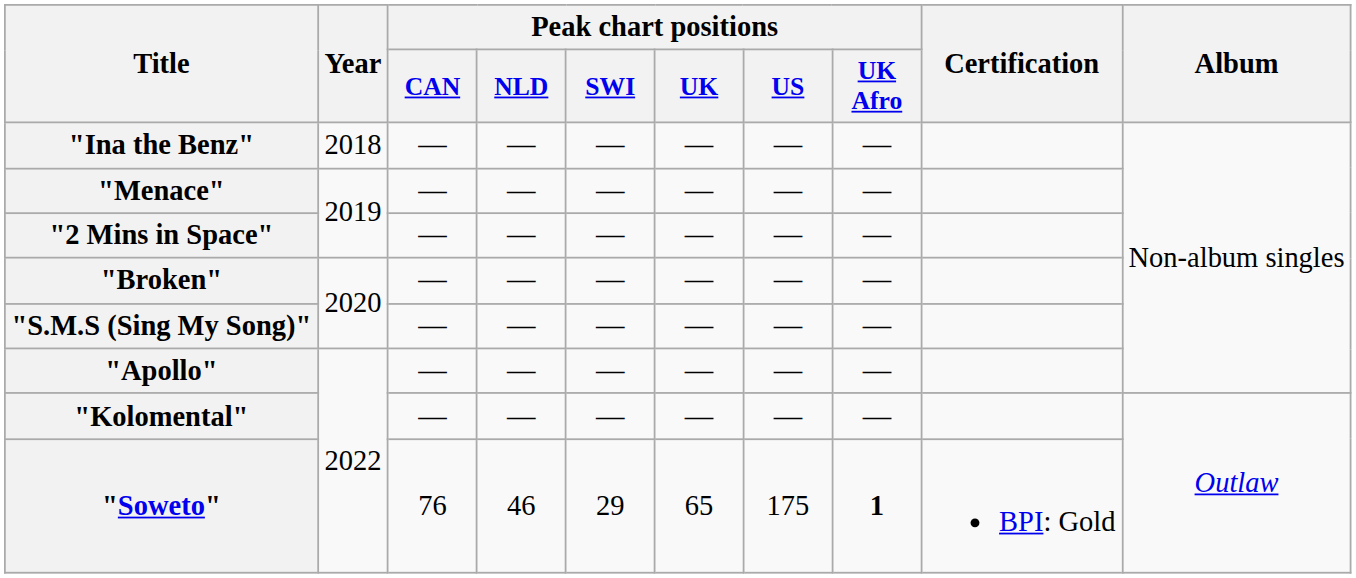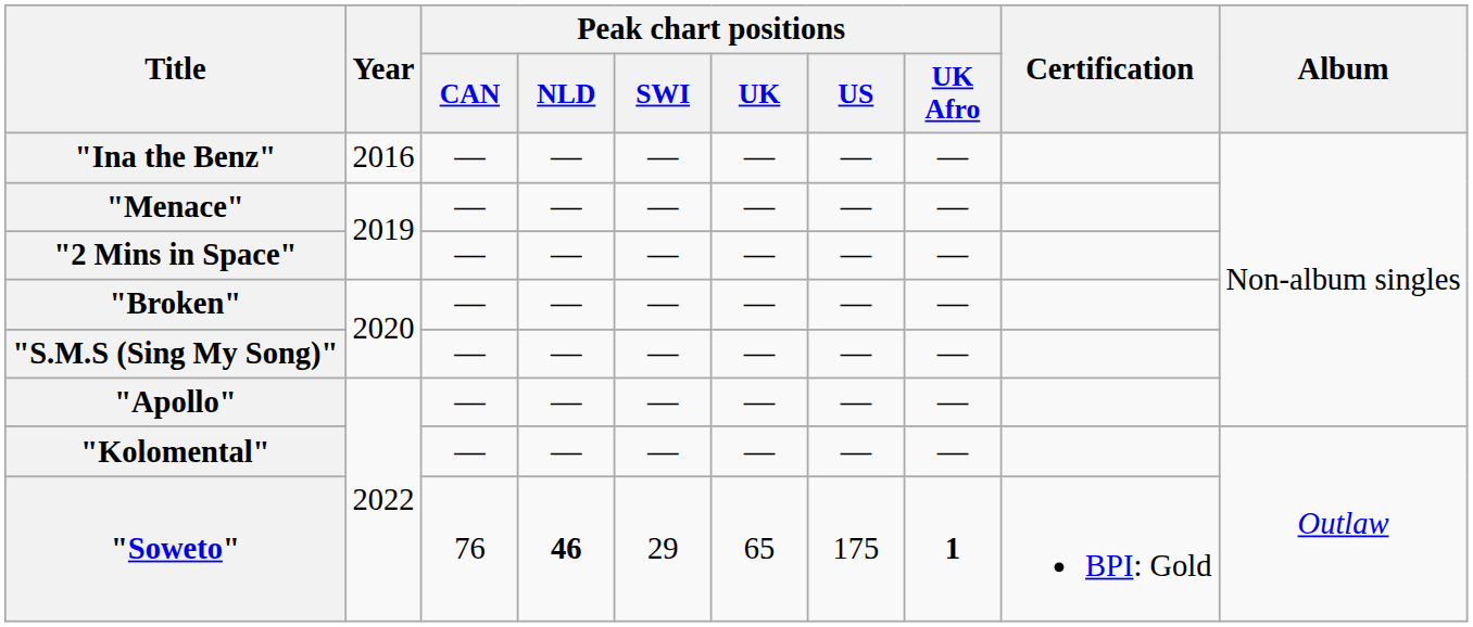 <table class="wikitable plainrowheaders" style="text-align:center">
 <tr>
 <th scope="col" rowspan="2">Title</th>
 <th scope="col" rowspan="2">Year</th>
 <th colspan="6" scope="col">Peak chart positions</th>
 <th rowspan="2" scope="col">Certification</th>
 <th rowspan="2" scope="col">Album</th>
 </tr>
 <tr>
 <th scope="col" style="width:3em;font-size:90%;"><a href='#'>CAN</a><br></th>
 <th scope="col" style="width:3em;font-size:90%;"><a href='#'>NLD</a><br></th>
 <th scope="col" style="width:3em;font-size:90%;"><a href='#'>SWI</a><br></th>
 <th scope="col" style="width:3em;font-size:90%;"><a href='#'>UK</a><br></th>
 <th scope="col" style="width:3em;font-size:90%;"><a href='#'>US</a><br></th>
 <th scope="col" style="width:3em;font-size:90%;"><a href='#'>UK Afro</a><br></th>
 </tr>
 <tr>
 <th scope="row">"Ina the Benz"</th>
-<td>2018</td>
+<td>2016</td>
 <td>—</td>
 <td>—</td>
 <td>—</td>
 <td>—</td>
 <td>—</td>
 <td>—</td>
 <td></td>
 <td rowspan="6">Non-album singles</td>
 </tr>
 <tr>
 <th scope="row">"Menace"</th>
 <td rowspan="2">2019</td>
 <td>—</td>
 <td>—</td>
 <td>—</td>
 <td>—</td>
 <td>—</td>
 <td>—</td>
 <td></td>
 </tr>
 <tr>
 <th scope="row">"2 Mins in Space"</th>
 <td>—</td>
 <td>—</td>
 <td>—</td>
 <td>—</td>
 <td>—</td>
 <td>—</td>
 <td></td>
 </tr>
 <tr>
 <th scope="row">"Broken"</th>
 <td rowspan="2">2020</td>
 <td>—</td>
 <td>—</td>
 <td>—</td>
 <td>—</td>
 <td>—</td>
 <td>—</td>
 <td></td>
 </tr>
 <tr>
 <th scope="row">"S.M.S (Sing My Song)"</th>
 <td>—</td>
 <td>—</td>
 <td>—</td>
 <td>—</td>
 <td>—</td>
 <td>—</td>
 <td></td>
 </tr>
 <tr>
 <th scope="row">"Apollo"</th>
 <td rowspan="3">2022</td>
 <td>—</td>
 <td>—</td>
 <td>—</td>
 <td>—</td>
 <td>—</td>
 <td>—</td>
 <td></td>
 </tr>
 <tr>
 <th scope="row">"Kolomental"</th>
 <td>—</td>
 <td>—</td>
 <td>—</td>
 <td>—</td>
 <td>—</td>
 <td>—</td>
 <td></td>
 <td rowspan="2"><em><a href='#'>Outlaw</a></em></td>
 </tr>
 <tr>
 <th scope="row">"<a href='#'>Soweto</a>"<br></th>
 <td>76</td>
-<td>46</td>
+<td><strong>46</strong></td>
 <td>29</td>
 <td>65</td>
 <td>175</td>
 <td><strong>1</strong></td>
 <td><br><ul><li><a href='#'>BPI</a>: Gold</li></ul></td>
 </tr>
 </table>
